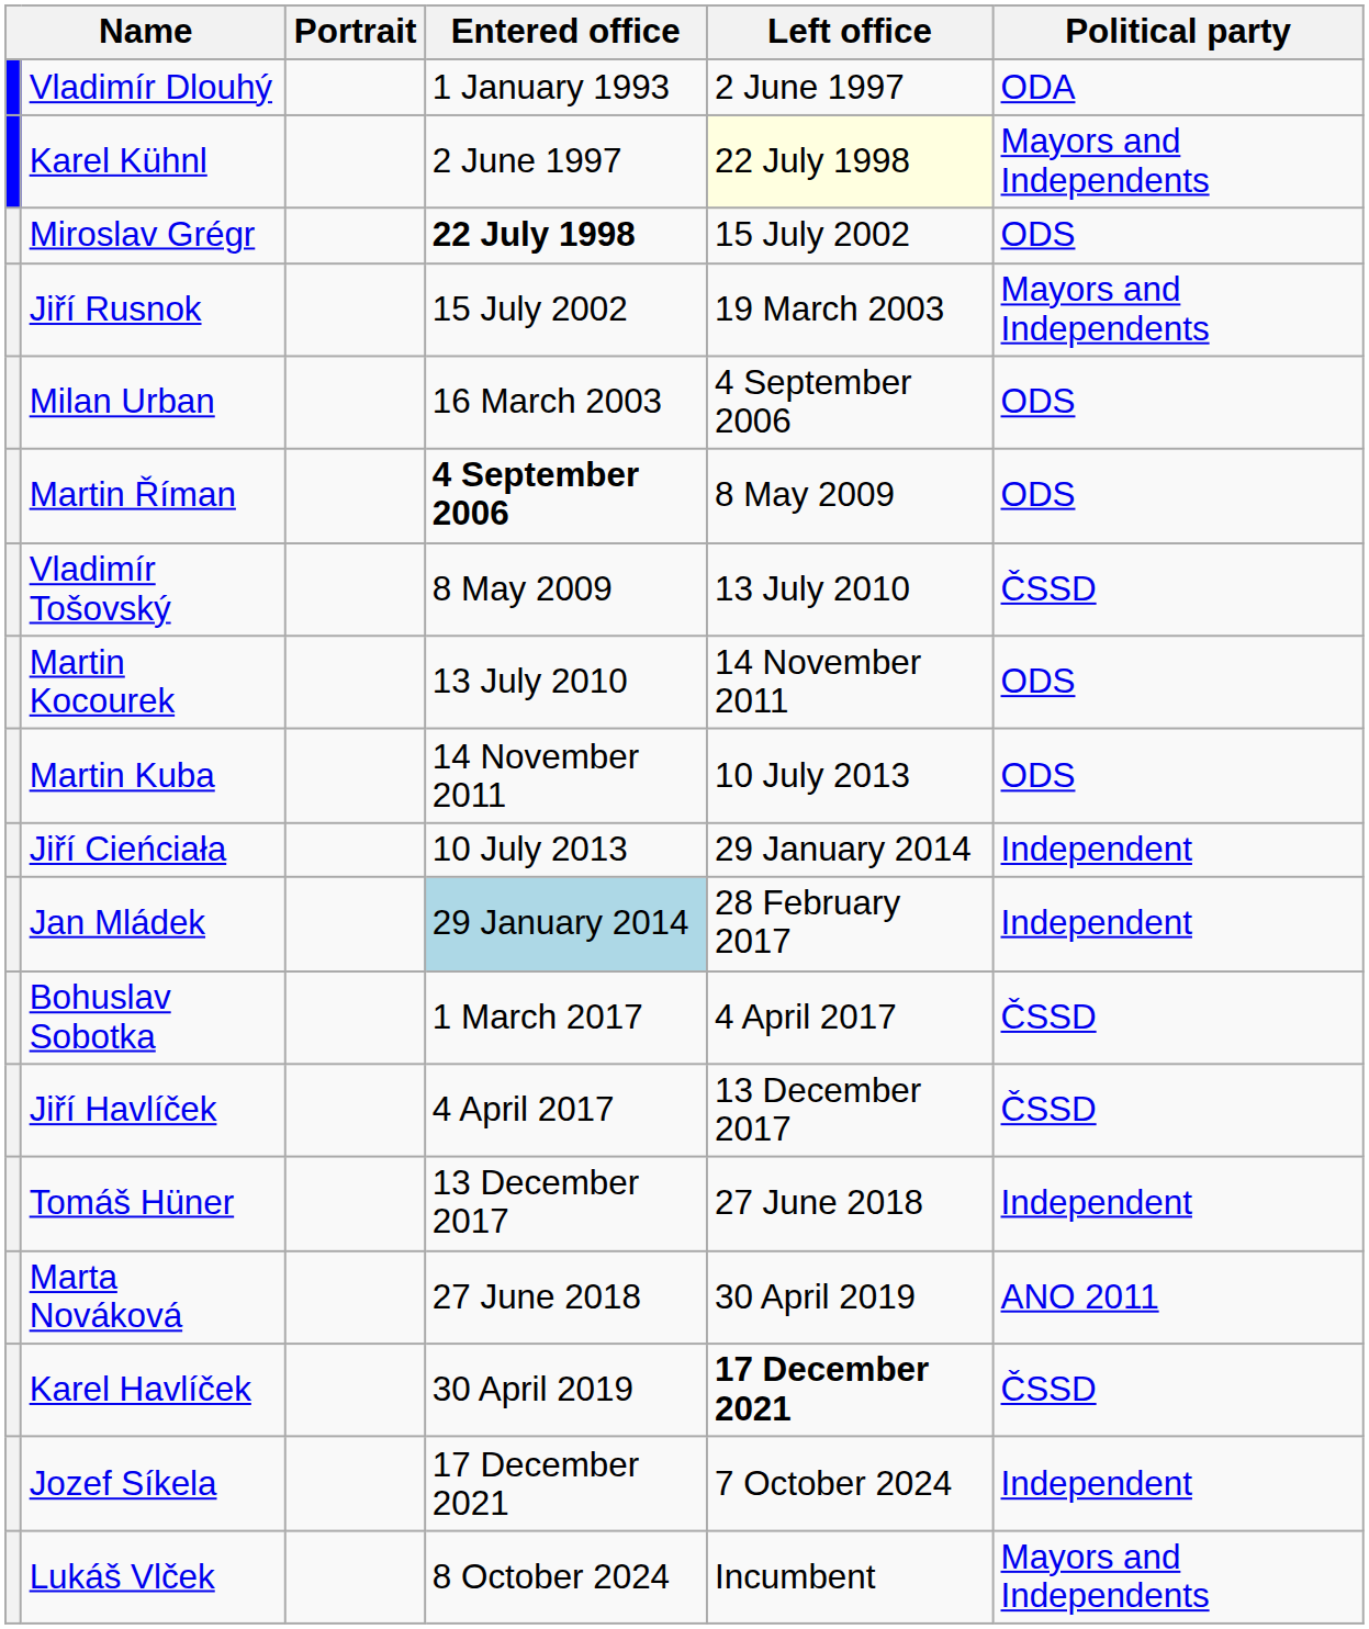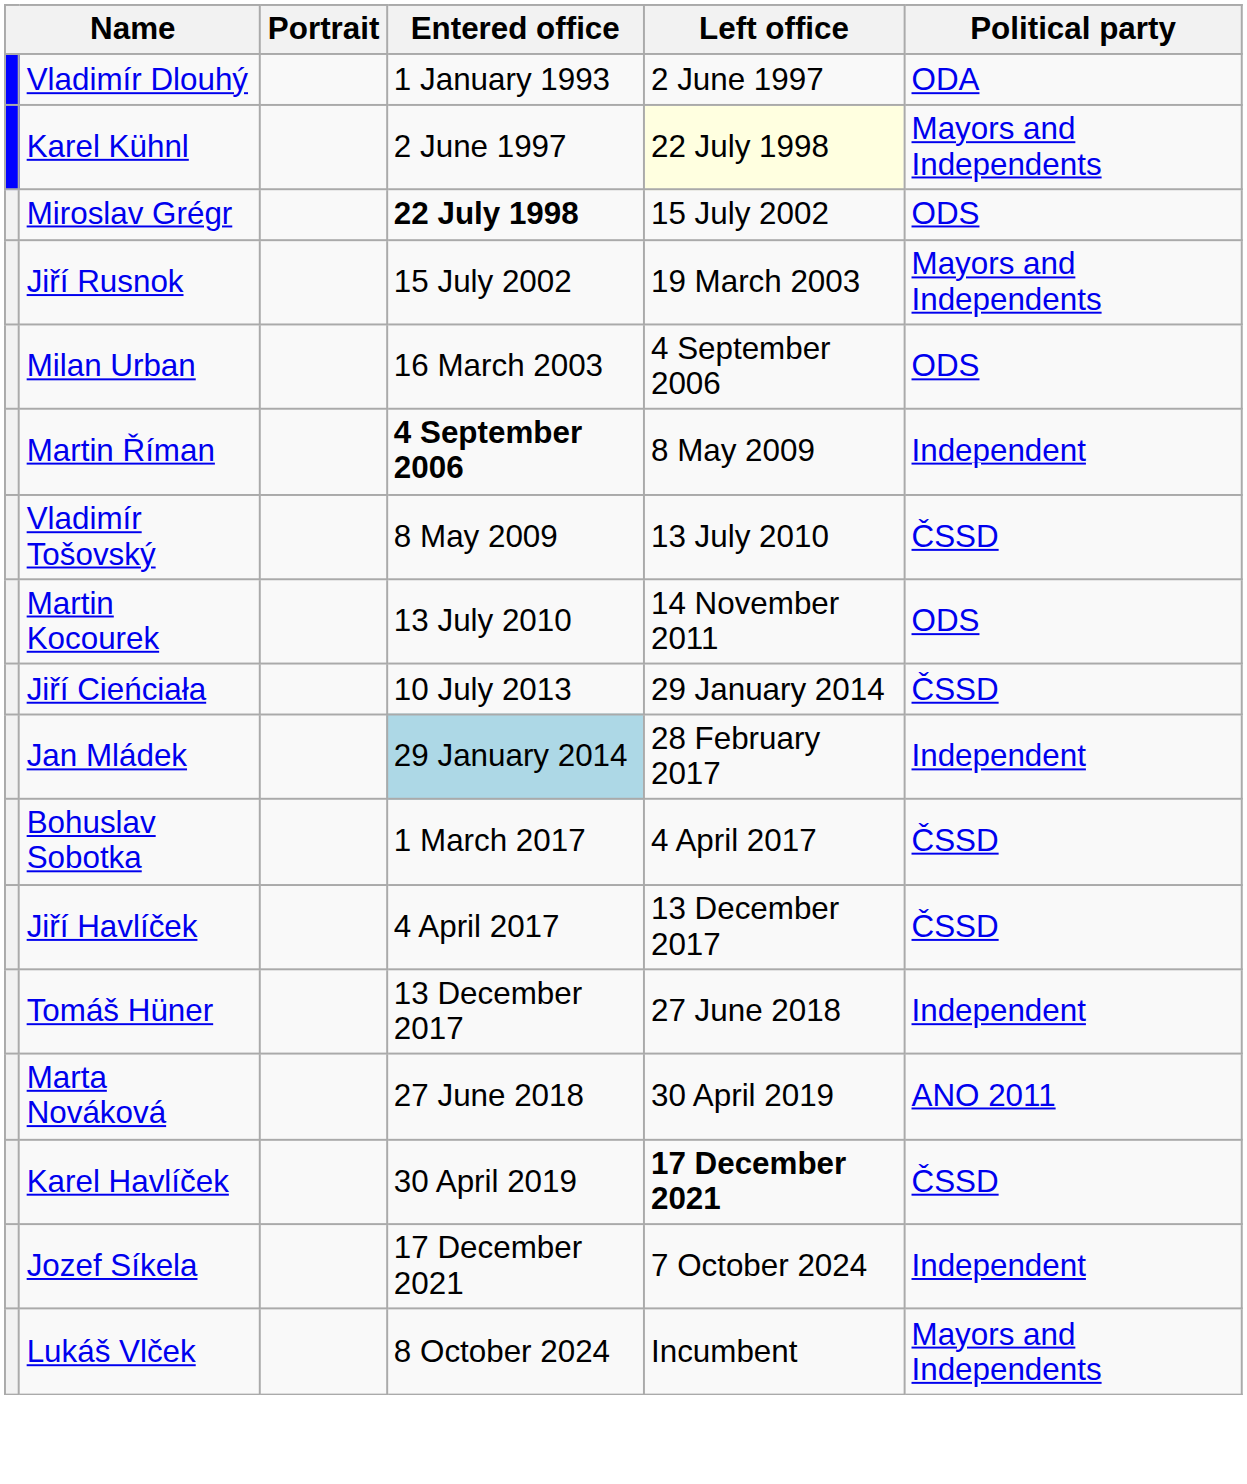 <table class="wikitable" width=50%>
 <tr>
 <th colspan=2>Name</th>
 <th>Portrait</th>
 <th>Entered office</th>
 <th>Left office</th>
 <th>Political party</th>
 </tr>
 <tr>
 <th style="background-color: #0000FF"></th>
 <td><a href='#'>Vladimír Dlouhý</a></td>
 <td></td>
 <td>1 January 1993</td>
 <td>2 June 1997</td>
 <td><a href='#'>ODA</a></td>
 </tr>
 <tr>
 <th style="background-color: #0000FF"></th>
 <td><a href='#'>Karel Kühnl</a></td>
 <td></td>
 <td>2 June 1997</td>
 <td style="background: lightyellow;">22 July 1998</td>
 <td><a href='#'>Mayors and Independents</a></td>
 </tr>
 <tr>
 <th style="background-color: "></th>
 <td><a href='#'>Miroslav Grégr</a></td>
 <td></td>
 <td><strong>22 July 1998</strong></td>
 <td>15 July 2002</td>
 <td><a href='#'>ODS</a></td>
 </tr>
 <tr>
 <th style="background-color: "></th>
 <td><a href='#'>Jiří Rusnok</a></td>
 <td></td>
 <td>15 July 2002</td>
 <td>19 March 2003</td>
 <td><a href='#'>Mayors and Independents</a></td>
 </tr>
 <tr>
 <th style="background-color: "></th>
 <td><a href='#'>Milan Urban</a></td>
 <td></td>
 <td>16 March 2003</td>
 <td>4 September 2006</td>
 <td><a href='#'>ODS</a></td>
 </tr>
 <tr>
 <th style="background-color: "></th>
 <td><a href='#'>Martin Říman</a></td>
 <td></td>
 <td><strong>4 September 2006</strong></td>
 <td>8 May 2009</td>
-<td><a href='#'>ODS</a></td>
+<td><a href='#'>Independent</a></td>
 </tr>
 <tr>
 <th style="background-color: "></th>
 <td><a href='#'>Vladimír Tošovský</a></td>
 <td></td>
 <td>8 May 2009</td>
 <td>13 July 2010</td>
 <td><a href='#'>ČSSD</a></td>
 </tr>
 <tr>
 <th style="background-color: "></th>
 <td><a href='#'>Martin Kocourek</a></td>
 <td></td>
 <td>13 July 2010</td>
 <td>14 November 2011</td>
 <td><a href='#'>ODS</a></td>
 </tr>
 <tr>
 <th style="background-color: "></th>
-<td><a href='#'>Martin Kuba</a></td>
-<td></td>
-<td>14 November 2011</td>
-<td>10 July 2013</td>
-<td><a href='#'>ODS</a></td>
-</tr>
-<tr>
-<th style="background-color: "></th>
 <td><a href='#'>Jiří Cieńciała</a></td>
 <td></td>
 <td>10 July 2013</td>
 <td>29 January 2014</td>
-<td><a href='#'>Independent</a></td>
+<td><a href='#'>ČSSD</a></td>
 </tr>
 <tr>
 <th style="background-color: "></th>
 <td><a href='#'>Jan Mládek</a></td>
 <td></td>
 <td style="background: lightblue;">29 January 2014</td>
 <td>28 February 2017</td>
 <td><a href='#'>Independent</a></td>
 </tr>
 <tr>
 <th style="background-color: "></th>
 <td><a href='#'>Bohuslav Sobotka</a></td>
 <td></td>
 <td>1 March 2017</td>
 <td>4 April 2017</td>
 <td><a href='#'>ČSSD</a></td>
 </tr>
 <tr>
 <th style="background-color: "></th>
 <td><a href='#'>Jiří Havlíček</a></td>
 <td></td>
 <td>4 April 2017</td>
 <td>13 December 2017</td>
 <td><a href='#'>ČSSD</a></td>
 </tr>
 <tr>
 <th style="background-color: "></th>
 <td><a href='#'>Tomáš Hüner</a></td>
 <td></td>
 <td>13 December 2017</td>
 <td>27 June 2018</td>
 <td><a href='#'>Independent</a></td>
 </tr>
 <tr>
 <th style="background-color: "></th>
 <td><a href='#'>Marta Nováková</a></td>
 <td></td>
 <td>27 June 2018</td>
 <td>30 April 2019</td>
 <td><a href='#'>ANO 2011</a></td>
 </tr>
 <tr>
 <th style="background-color: "></th>
 <td><a href='#'>Karel Havlíček</a></td>
 <td></td>
 <td>30 April 2019</td>
 <td><strong>17 December 2021</strong></td>
 <td><a href='#'>ČSSD</a></td>
 </tr>
 <tr>
 <th style="background-color: "></th>
 <td><a href='#'>Jozef Síkela</a></td>
 <td></td>
 <td>17 December 2021</td>
 <td>7 October 2024</td>
 <td><a href='#'>Independent</a></td>
 </tr>
 <tr>
 <th style="background-color: "></th>
 <td><a href='#'>Lukáš Vlček</a></td>
 <td></td>
 <td>8 October 2024</td>
 <td>Incumbent</td>
 <td><a href='#'>Mayors and Independents</a></td>
 </tr>
 </table>
